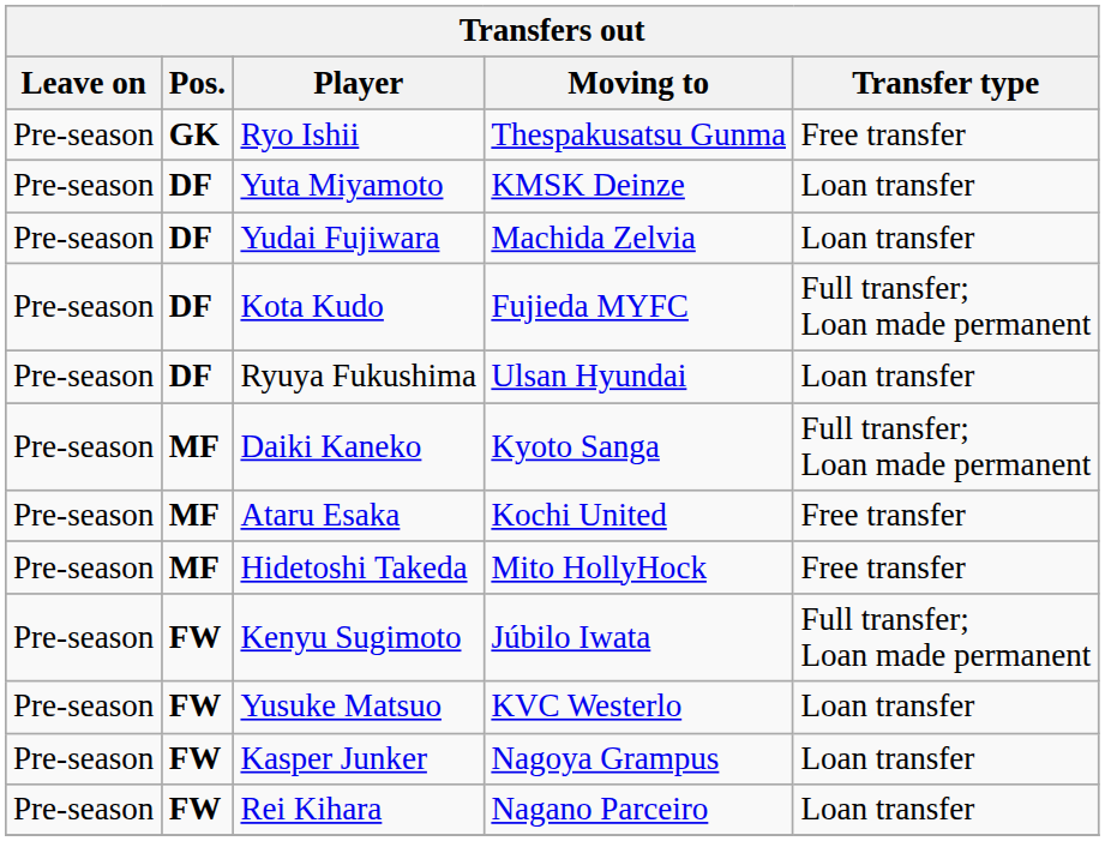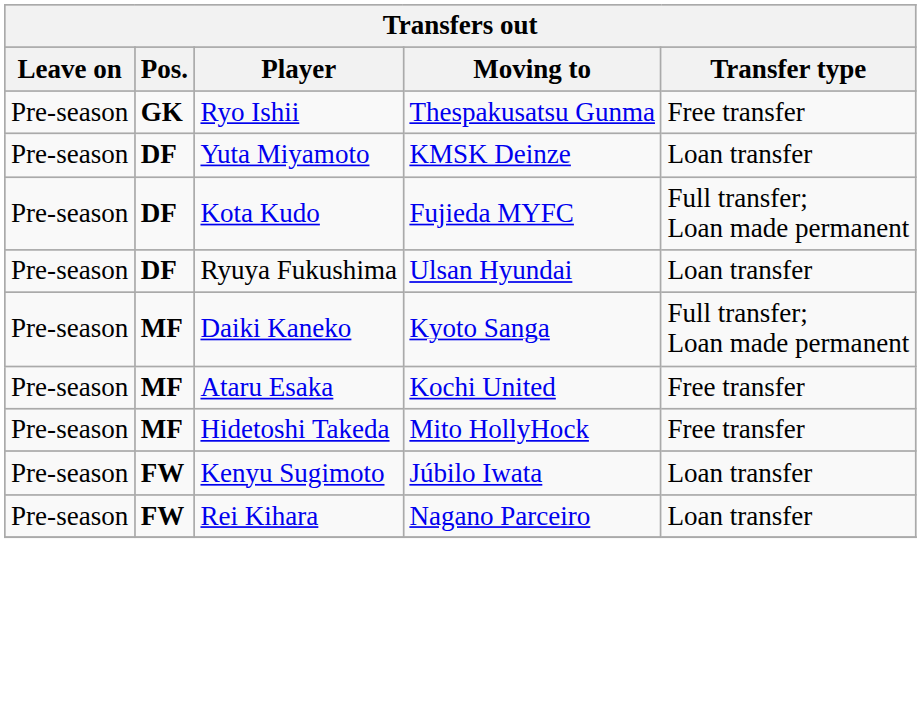 <table class="wikitable sortable" style=“text-align:left;>
 <tr>
 <th colspan="5">Transfers out</th>
 </tr>
 <tr>
 <th>Leave on</th>
 <th>Pos.</th>
 <th>Player</th>
 <th>Moving to</th>
 <th>Transfer type</th>
 </tr>
 <tr>
 <td>Pre-season</td>
 <td><strong>GK</strong></td>
 <td> <a href='#'>Ryo Ishii</a></td>
 <td> <a href='#'>Thespakusatsu Gunma</a></td>
 <td>Free transfer</td>
 </tr>
 <tr>
 <td>Pre-season</td>
 <td><strong>DF</strong></td>
 <td> <a href='#'>Yuta Miyamoto</a></td>
 <td> <a href='#'>KMSK Deinze</a></td>
-<td>Loan transfer</td>
-</tr>
-<tr>
-<td>Pre-season</td>
-<td><strong>DF</strong></td>
-<td> <a href='#'>Yudai Fujiwara</a></td>
-<td> <a href='#'>Machida Zelvia</a></td>
 <td>Loan transfer</td>
 </tr>
 <tr>
 <td>Pre-season</td>
 <td><strong>DF</strong></td>
 <td> <a href='#'>Kota Kudo</a></td>
 <td> <a href='#'>Fujieda MYFC</a></td>
 <td>Full transfer;<br> Loan made permanent</td>
 </tr>
 <tr>
 <td>Pre-season</td>
 <td><strong>DF</strong></td>
 <td> Ryuya Fukushima</td>
 <td> <a href='#'>Ulsan Hyundai</a></td>
 <td>Loan transfer</td>
 </tr>
 <tr>
 <td>Pre-season</td>
 <td><strong>MF</strong></td>
 <td> <a href='#'>Daiki Kaneko</a></td>
 <td> <a href='#'>Kyoto Sanga</a></td>
 <td>Full transfer;<br> Loan made permanent</td>
 </tr>
 <tr>
 <td>Pre-season</td>
 <td><strong>MF</strong></td>
 <td> <a href='#'>Ataru Esaka</a></td>
 <td> <a href='#'>Kochi United</a></td>
 <td>Free transfer</td>
 </tr>
 <tr>
 <td>Pre-season</td>
 <td><strong>MF</strong></td>
 <td> <a href='#'>Hidetoshi Takeda</a></td>
 <td> <a href='#'>Mito HollyHock</a></td>
 <td>Free transfer</td>
 </tr>
 <tr>
 <td>Pre-season</td>
 <td><strong>FW</strong></td>
 <td> <a href='#'>Kenyu Sugimoto</a></td>
 <td> <a href='#'>Júbilo Iwata</a></td>
-<td>Full transfer;<br> Loan made permanent</td>
-</tr>
-<tr>
-<td>Pre-season</td>
-<td><strong>FW</strong></td>
-<td> <a href='#'>Yusuke Matsuo</a></td>
-<td> <a href='#'>KVC Westerlo</a></td>
-<td>Loan transfer</td>
-</tr>
-<tr>
-<td>Pre-season</td>
-<td><strong>FW</strong></td>
-<td> <a href='#'>Kasper Junker</a></td>
-<td> <a href='#'>Nagoya Grampus</a></td>
 <td>Loan transfer</td>
 </tr>
 <tr>
 <td>Pre-season</td>
 <td><strong>FW</strong></td>
 <td> <a href='#'>Rei Kihara</a></td>
 <td> <a href='#'>Nagano Parceiro</a></td>
 <td>Loan transfer</td>
 </tr>
 <tr>
 </tr>
 </table>
